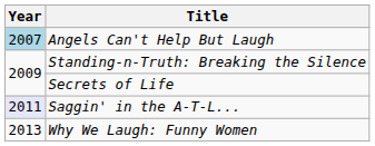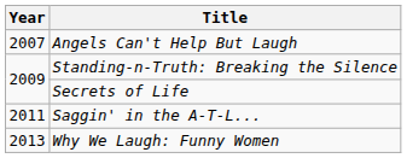 <table class="wikitable sortable">
 <tr>
 <th>Year</th>
 <th>Title</th>
 </tr>
 <tr>
-<td style="background: lightblue;">2007</td>
+<td>2007</td>
 <td><em>Angels Can't Help But Laugh</em></td>
 </tr>
 <tr>
 <td rowspan=2>2009</td>
 <td><em>Standing-n-Truth: Breaking the Silence</em></td>
 </tr>
 <tr>
 <td><em>Secrets of Life</em></td>
 </tr>
 <tr>
-<td style="background: lavender;">2011</td>
+<td>2011</td>
 <td><em>Saggin' in the A-T-L...</em></td>
 </tr>
 <tr>
 <td>2013</td>
 <td><em>Why We Laugh: Funny Women</em></td>
 </tr>
 </table>
